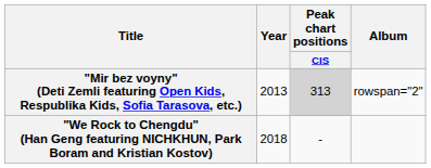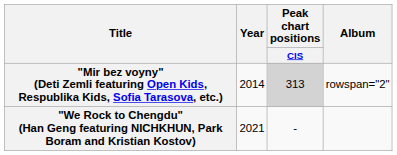 <table class="wikitable plainrowheaders" style="text-align:center;">
 <tr>
 <th scope="col" rowspan="2" style="width:20em;">Title</th>
 <th scope="col" rowspan="2" style="width:1em;">Year</th>
 <th scope="col" colspan="1">Peak chart positions</th>
 <th scope="col" rowspan="2">Album</th>
 </tr>
 <tr>
 <th scope="col" style="width:3em;font-size:85%;"><a href='#'>CIS</a><br></th>
 </tr>
 <tr>
 <th scope="row">"Mir bez voyny"<br><span>(Deti Zemli featuring <a href='#'>Open Kids</a>, Respublika Kids, <a href='#'>Sofia Tarasova</a>, etc.)</span></th>
-<td>2013</td>
+<td>2014</td>
 <td style="background: lightgrey;">313</td>
 <td>rowspan="2" </td>
 </tr>
 <tr>
 <th scope="row">"We Rock to Chengdu"<br><span>(Han Geng featuring NICHKHUN, Park Boram and Kristian Kostov)</span></th>
-<td>2018</td>
+<td>2021</td>
 <td>-</td>
 </tr>
 </table>
